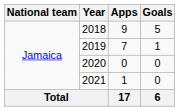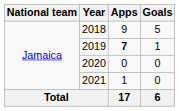 <table class="wikitable" style="text-align:center">
 <tr>
 <th>National team</th>
 <th>Year</th>
 <th>Apps</th>
 <th>Goals</th>
 </tr>
 <tr>
 <td rowspan=4><a href='#'>Jamaica</a></td>
 <td>2018</td>
 <td>9</td>
 <td>5</td>
 </tr>
 <tr>
 <td>2019</td>
-<td>7</td>
+<td><strong>7</strong></td>
 <td>1</td>
 </tr>
 <tr>
 <td>2020</td>
 <td>0</td>
 <td>0</td>
 </tr>
 <tr>
 <td>2021</td>
 <td>1</td>
 <td>0</td>
 </tr>
 <tr>
 <th colspan=2>Total</th>
 <th>17</th>
 <th>6</th>
 </tr>
 </table>
